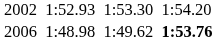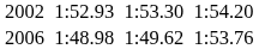 <table>
 <tr>
 <td>2002</td>
 <td></td>
 <td>1:52.93</td>
 <td></td>
 <td>1:53.30</td>
 <td></td>
 <td>1:54.20</td>
 </tr>
 <tr>
 <td>2006</td>
 <td></td>
 <td>1:48.98</td>
 <td></td>
 <td>1:49.62</td>
 <td></td>
-<td><strong>1:53.76</strong></td>
+<td>1:53.76</td>
 </tr>
 </table>
